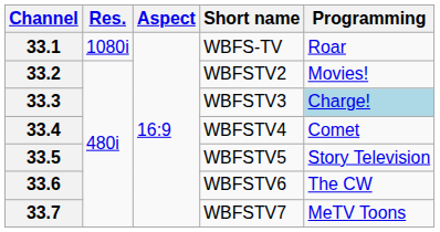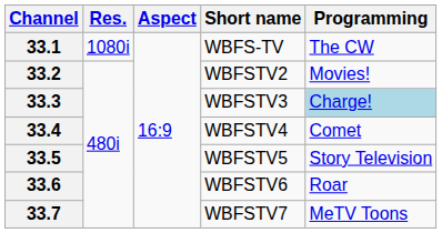 <table class="wikitable">
 <tr>
 <th scope = "col"><a href='#'>Channel</a></th>
 <th scope = "col"><a href='#'>Res.</a></th>
 <th scope = "col"><a href='#'>Aspect</a></th>
 <th scope = "col">Short name</th>
 <th scope = "col">Programming</th>
 </tr>
 <tr>
 <th scope = "row">33.1</th>
 <td><a href='#'>1080i</a></td>
 <td rowspan="7"><a href='#'>16:9</a></td>
 <td>WBFS-TV</td>
-<td><a href='#'>Roar</a></td>
+<td><a href='#'>The CW</a></td>
 </tr>
 <tr>
 <th scope = "row">33.2</th>
 <td rowspan=6><a href='#'>480i</a></td>
 <td>WBFSTV2</td>
 <td><a href='#'>Movies!</a></td>
 </tr>
 <tr>
 <th scope = "row">33.3</th>
 <td>WBFSTV3</td>
 <td style="background: lightblue;"><a href='#'>Charge!</a></td>
 </tr>
 <tr>
 <th scope = "row">33.4</th>
 <td>WBFSTV4</td>
 <td><a href='#'>Comet</a></td>
 </tr>
 <tr>
 <th scope = "row">33.5</th>
 <td>WBFSTV5</td>
 <td><a href='#'>Story Television</a></td>
 </tr>
 <tr>
 <th scope = "row">33.6</th>
 <td>WBFSTV6</td>
-<td><a href='#'>The CW</a></td>
+<td><a href='#'>Roar</a></td>
 </tr>
 <tr>
 <th scope = "row">33.7</th>
 <td>WBFSTV7</td>
 <td><a href='#'>MeTV Toons</a></td>
 </tr>
 </table>
